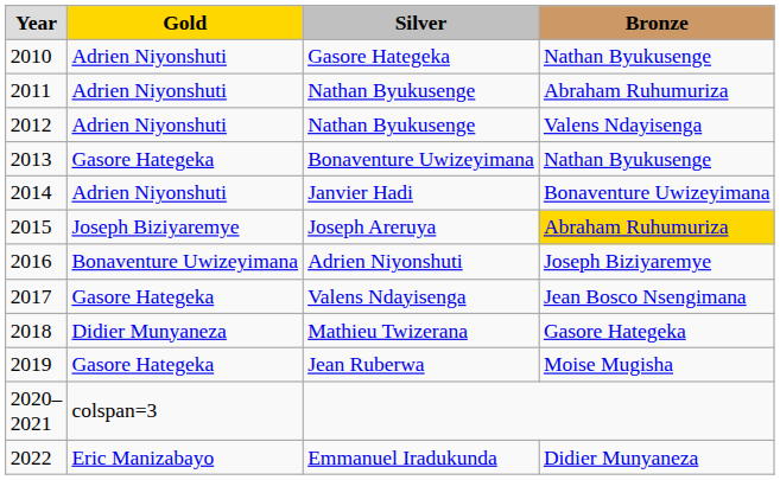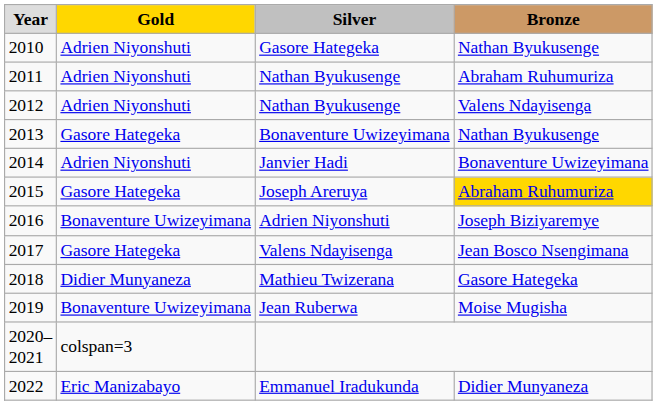 <table class="wikitable sortable" style="font-size:95%">
 <tr>
 <td style="background:#DDDDDD; font-weight:bold; text-align:center;">Year</td>
 <td style="background:gold; font-weight:bold; text-align:center;">Gold</td>
 <td style="background:silver; font-weight:bold; text-align:center;">Silver</td>
 <td style="background:#cc9966; font-weight:bold; text-align:center;">Bronze</td>
 </tr>
 <tr>
 <td>2010</td>
 <td><a href='#'>Adrien Niyonshuti</a></td>
 <td><a href='#'>Gasore Hategeka</a></td>
 <td><a href='#'>Nathan Byukusenge</a></td>
 </tr>
 <tr>
 <td>2011</td>
 <td><a href='#'>Adrien Niyonshuti</a></td>
 <td><a href='#'>Nathan Byukusenge</a></td>
 <td><a href='#'>Abraham Ruhumuriza</a></td>
 </tr>
 <tr>
 <td>2012</td>
 <td><a href='#'>Adrien Niyonshuti</a></td>
 <td><a href='#'>Nathan Byukusenge</a></td>
 <td><a href='#'>Valens Ndayisenga</a></td>
 </tr>
 <tr>
 <td>2013</td>
 <td><a href='#'>Gasore Hategeka</a></td>
 <td><a href='#'>Bonaventure Uwizeyimana</a></td>
 <td><a href='#'>Nathan Byukusenge</a></td>
 </tr>
 <tr>
 <td>2014</td>
 <td><a href='#'>Adrien Niyonshuti</a></td>
 <td><a href='#'>Janvier Hadi</a></td>
 <td><a href='#'>Bonaventure Uwizeyimana</a></td>
 </tr>
 <tr>
 <td>2015</td>
-<td><a href='#'>Joseph Biziyaremye</a></td>
+<td><a href='#'>Gasore Hategeka</a></td>
 <td><a href='#'>Joseph Areruya</a></td>
 <td style="background: gold;"><a href='#'>Abraham Ruhumuriza</a></td>
 </tr>
 <tr>
 <td>2016</td>
 <td><a href='#'>Bonaventure Uwizeyimana</a></td>
 <td><a href='#'>Adrien Niyonshuti</a></td>
 <td><a href='#'>Joseph Biziyaremye</a></td>
 </tr>
 <tr>
 <td>2017</td>
 <td><a href='#'>Gasore Hategeka</a></td>
 <td><a href='#'>Valens Ndayisenga</a></td>
 <td><a href='#'>Jean Bosco Nsengimana</a></td>
 </tr>
 <tr>
 <td>2018</td>
 <td><a href='#'>Didier Munyaneza</a></td>
 <td><a href='#'>Mathieu Twizerana</a></td>
 <td><a href='#'>Gasore Hategeka</a></td>
 </tr>
 <tr>
 <td>2019</td>
-<td><a href='#'>Gasore Hategeka</a></td>
+<td><a href='#'>Bonaventure Uwizeyimana</a></td>
 <td><a href='#'>Jean Ruberwa</a></td>
 <td><a href='#'>Moise Mugisha</a></td>
 </tr>
 <tr>
 <td>2020–<br>2021</td>
 <td>colspan=3 </td>
 </tr>
 <tr>
 <td>2022</td>
 <td><a href='#'>Eric Manizabayo</a></td>
 <td><a href='#'>Emmanuel Iradukunda</a></td>
 <td><a href='#'>Didier Munyaneza</a></td>
 </tr>
 </table>
